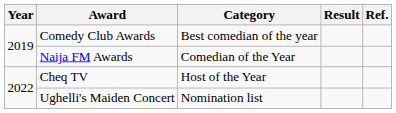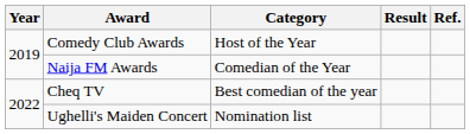 <table class="wikitable">
 <tr>
 <th>Year</th>
 <th>Award</th>
 <th>Category</th>
 <th>Result</th>
 <th>Ref.</th>
 </tr>
 <tr>
 <td rowspan=2>2019</td>
 <td>Comedy Club Awards</td>
-<td>Best comedian of the year</td>
+<td>Host of the Year</td>
 <td></td>
 <td></td>
 </tr>
 <tr>
 <td><a href='#'>Naija FM</a> Awards</td>
 <td>Comedian of the Year</td>
 <td></td>
 <td></td>
 </tr>
 <tr>
 <td rowspan = 2>2022</td>
 <td>Cheq TV</td>
-<td>Host of the Year</td>
+<td>Best comedian of the year</td>
 <td></td>
 <td></td>
 </tr>
 <tr>
 <td>Ughelli's Maiden Concert</td>
 <td>Nomination list</td>
 <td></td>
 <td></td>
 </tr>
 </table>
